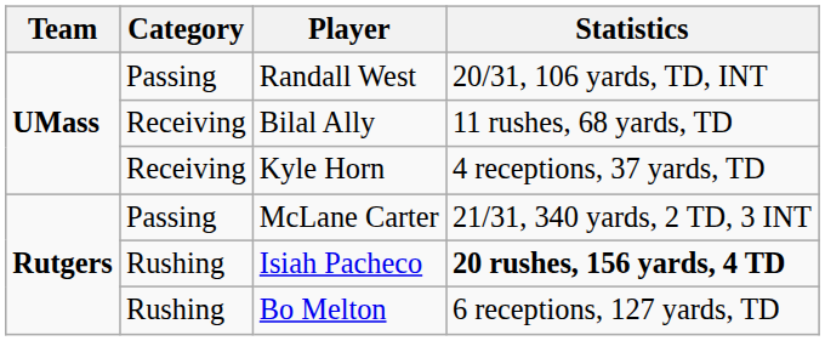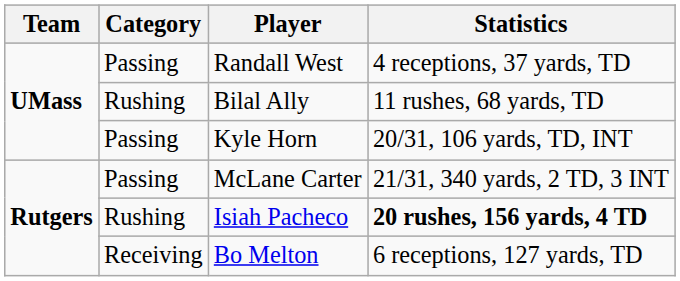 <table class="wikitable" style="float: left;">
 <tr>
 <th>Team</th>
 <th>Category</th>
 <th>Player</th>
 <th>Statistics</th>
 </tr>
 <tr>
 <td rowspan=3><strong>UMass</strong></td>
 <td>Passing</td>
 <td>Randall West</td>
-<td>20/31, 106 yards, TD, INT</td>
+<td>4 receptions, 37 yards, TD</td>
 </tr>
 <tr>
-<td>Receiving</td>
+<td>Rushing</td>
 <td>Bilal Ally</td>
 <td>11 rushes, 68 yards, TD</td>
 </tr>
 <tr>
-<td>Receiving</td>
+<td>Passing</td>
 <td>Kyle Horn</td>
-<td>4 receptions, 37 yards, TD</td>
+<td>20/31, 106 yards, TD, INT</td>
 </tr>
 <tr>
 <td rowspan=3><strong>Rutgers</strong></td>
 <td>Passing</td>
 <td>McLane Carter</td>
 <td>21/31, 340 yards, 2 TD, 3 INT</td>
 </tr>
 <tr>
 <td>Rushing</td>
 <td><a href='#'>Isiah Pacheco</a></td>
 <td><strong>20 rushes, 156 yards, 4 TD</strong></td>
 </tr>
 <tr>
-<td>Rushing</td>
+<td>Receiving</td>
 <td><a href='#'>Bo Melton</a></td>
 <td>6 receptions, 127 yards, TD</td>
 </tr>
 </table>
